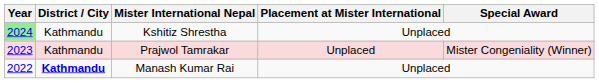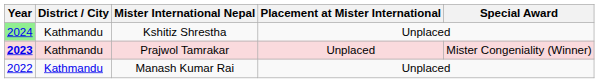 <table class="wikitable">
 <tr>
 <th>Year</th>
 <th>District / City</th>
 <th>Mister International Nepal</th>
 <th>Placement at Mister International</th>
 <th>Special Award</th>
 </tr>
 <tr align="center">
 <td style="background: lightgreen;"><a href='#'>2024</a></td>
 <td>Kathmandu</td>
 <td>Kshitiz Shrestha</td>
 <td colspan="2">Unplaced</td>
 </tr>
 <tr align="center" style="background:#FADADD;">
-<td><a href='#'>2023</a></td>
+<td><strong><a href='#'>2023</a></strong></td>
 <td>Kathmandu</td>
 <td>Prajwol Tamrakar</td>
 <td>Unplaced</td>
 <td>Mister Congeniality (Winner)</td>
 </tr>
 <tr align="center">
 <td><a href='#'>2022</a></td>
-<td><strong><a href='#'>Kathmandu</a></strong></td>
+<td><a href='#'>Kathmandu</a></td>
 <td>Manash Kumar Rai</td>
 <td colspan="2">Unplaced</td>
 </tr>
 </table>
